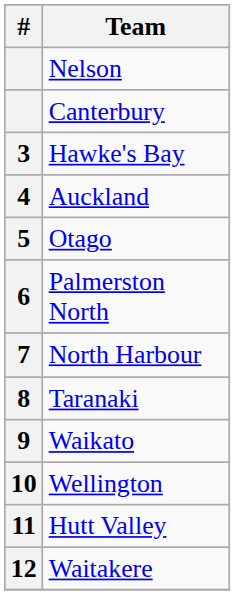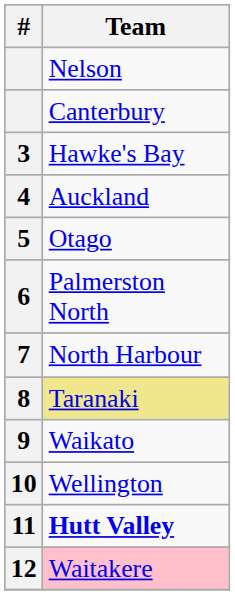 <table class="wikitable" width="15%" style="font-size:95%; text-align:center">
 <tr>
 <th>#</th>
 <th>Team</th>
 </tr>
 <tr>
 <th></th>
 <td align=left><a href='#'>Nelson</a></td>
 </tr>
 <tr>
 <th></th>
 <td align=left><a href='#'>Canterbury</a></td>
 </tr>
 <tr>
 <th>3</th>
 <td align=left><a href='#'>Hawke's Bay</a></td>
 </tr>
 <tr>
 <th>4</th>
 <td align=left><a href='#'>Auckland</a></td>
 </tr>
 <tr>
 <th>5</th>
 <td align=left><a href='#'>Otago</a></td>
 </tr>
 <tr>
 <th>6</th>
 <td align=left><a href='#'>Palmerston North</a></td>
 </tr>
 <tr>
 <th>7</th>
 <td align=left><a href='#'>North Harbour</a></td>
 </tr>
 <tr>
 <th>8</th>
-<td align=left><a href='#'>Taranaki</a></td>
+<td align=left style="background: khaki;"><a href='#'>Taranaki</a></td>
 </tr>
 <tr>
 <th>9</th>
 <td align=left><a href='#'>Waikato</a></td>
 </tr>
 <tr>
 <th>10</th>
 <td align=left><a href='#'>Wellington</a></td>
 </tr>
 <tr>
 <th>11</th>
-<td align=left><a href='#'>Hutt Valley</a></td>
+<td align=left><strong><a href='#'>Hutt Valley</a></strong></td>
 </tr>
 <tr>
 <th>12</th>
-<td align=left><a href='#'>Waitakere</a></td>
+<td align=left style="background: pink;"><a href='#'>Waitakere</a></td>
 </tr>
 <tr>
 </tr>
 </table>
